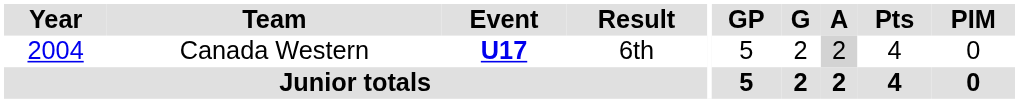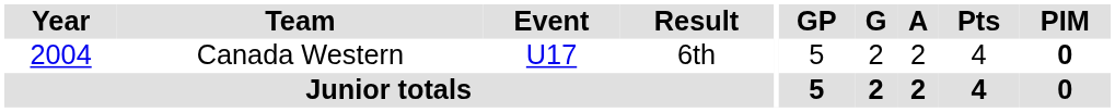 <table border="0" cellpadding="1" cellspacing="0" ID="Table3" style="text-align:center; width:40em">
 <tr ALIGN="center" bgcolor="#e0e0e0">
 <th>Year</th>
 <th>Team</th>
 <th>Event</th>
 <th>Result</th>
 <th rowspan="99" bgcolor="#ffffff"></th>
 <th>GP</th>
 <th>G</th>
 <th>A</th>
 <th>Pts</th>
 <th>PIM</th>
 </tr>
 <tr>
 <td><a href='#'>2004</a></td>
 <td>Canada Western</td>
-<td><strong><a href='#'>U17</a></strong></td>
+<td><a href='#'>U17</a></td>
 <td>6th</td>
 <td>5</td>
 <td>2</td>
-<td style="background: lightgrey;">2</td>
+<td>2</td>
 <td>4</td>
-<td>0</td>
+<td><strong>0</strong></td>
 </tr>
 <tr bgcolor="#e0e0e0">
 <th colspan="4">Junior totals</th>
 <th>5</th>
 <th>2</th>
 <th>2</th>
 <th>4</th>
 <th>0</th>
 </tr>
 </table>
